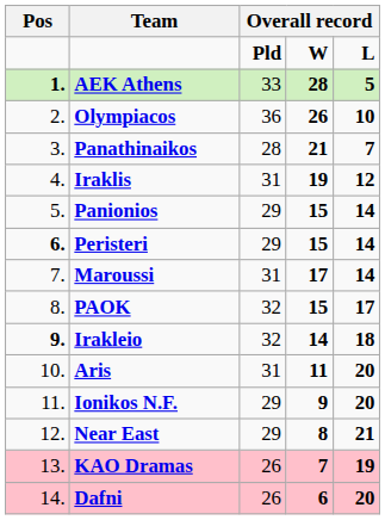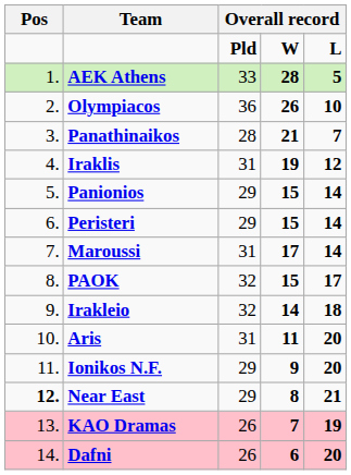 <table class="wikitable" style="text-align: right;">
 <tr>
 <th width="44">Pos</th>
 <th width="128">Team</th>
 <th colspan=3>Overall record</th>
 </tr>
 <tr>
 <td></td>
 <td></td>
 <td width="30"><strong>Pld</strong></td>
 <td width="30"><strong>W</strong></td>
 <td width="30"><strong>L</strong></td>
 </tr>
 <tr bgcolor="D0F0C0">
-<td><strong>1.</strong></td>
+<td>1.</td>
 <td align="left"><strong><a href='#'>AEK Athens</a></strong></td>
 <td>33</td>
 <td><strong>28</strong></td>
 <td><strong>5</strong></td>
 </tr>
 <tr>
 <td>2.</td>
 <td align="left"><strong><a href='#'>Olympiacos</a></strong></td>
 <td>36</td>
 <td><strong>26</strong></td>
 <td><strong>10</strong></td>
 </tr>
 <tr>
 <td>3.</td>
 <td align="left"><strong><a href='#'>Panathinaikos</a></strong></td>
 <td>28</td>
 <td><strong>21</strong></td>
 <td><strong>7</strong></td>
 </tr>
 <tr>
 <td>4.</td>
 <td align="left"><strong><a href='#'>Iraklis</a></strong></td>
 <td>31</td>
 <td><strong>19</strong></td>
 <td><strong>12</strong></td>
 </tr>
 <tr>
 <td>5.</td>
 <td align="left"><strong><a href='#'>Panionios</a></strong></td>
 <td>29</td>
 <td><strong>15</strong></td>
 <td><strong>14</strong></td>
 </tr>
 <tr>
-<td><strong>6.</strong></td>
+<td>6.</td>
 <td align="left"><strong><a href='#'>Peristeri</a></strong></td>
 <td>29</td>
 <td><strong>15</strong></td>
 <td><strong>14</strong></td>
 </tr>
 <tr>
 <td>7.</td>
 <td align="left"><strong><a href='#'>Maroussi</a></strong></td>
 <td>31</td>
 <td><strong>17</strong></td>
 <td><strong>14</strong></td>
 </tr>
 <tr>
 <td>8.</td>
 <td align="left"><strong><a href='#'>PAOK</a></strong></td>
 <td>32</td>
 <td><strong>15</strong></td>
 <td><strong>17</strong></td>
 </tr>
 <tr>
-<td><strong>9.</strong></td>
+<td>9.</td>
 <td align="left"><strong><a href='#'>Irakleio</a></strong></td>
 <td>32</td>
 <td><strong>14</strong></td>
 <td><strong>18</strong></td>
 </tr>
 <tr>
 <td>10.</td>
 <td align="left"><strong><a href='#'>Aris</a></strong></td>
 <td>31</td>
 <td><strong>11</strong></td>
 <td><strong>20</strong></td>
 </tr>
 <tr>
 <td>11.</td>
 <td align="left"><strong><a href='#'>Ionikos N.F.</a></strong></td>
 <td>29</td>
 <td><strong>9</strong></td>
 <td><strong>20</strong></td>
 </tr>
 <tr>
-<td>12.</td>
+<td><strong>12.</strong></td>
 <td align="left"><strong><a href='#'>Near East</a></strong></td>
 <td>29</td>
 <td><strong>8</strong></td>
 <td><strong>21</strong></td>
 </tr>
 <tr bgcolor="ffc0cb">
 <td>13.</td>
 <td align="left"><strong><a href='#'>KAO Dramas</a></strong></td>
 <td>26</td>
 <td><strong>7</strong></td>
 <td><strong>19</strong></td>
 </tr>
 <tr bgcolor="ffc0cb">
 <td>14.</td>
 <td align="left"><strong><a href='#'>Dafni</a></strong></td>
 <td>26</td>
 <td><strong>6</strong></td>
 <td><strong>20</strong></td>
 </tr>
 </table>
